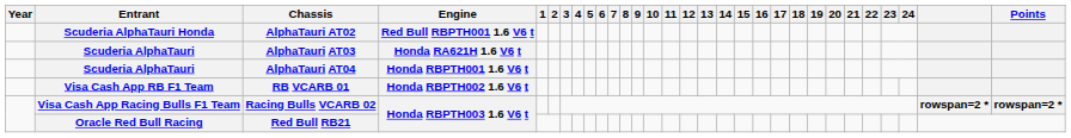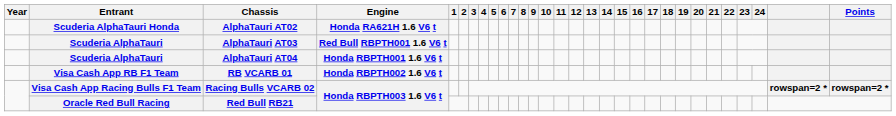 <table class="wikitable" border="1" style="text-align:center; font-size:85%;">
 <tr>
 <th>Year</th>
 <th>Entrant</th>
 <th>Chassis</th>
 <th>Engine</th>
 <th>1</th>
 <th>2</th>
 <th>3</th>
 <th>4</th>
 <th>5</th>
 <th>6</th>
 <th>7</th>
 <th>8</th>
 <th>9</th>
 <th>10</th>
 <th>11</th>
 <th>12</th>
 <th>13</th>
 <th>14</th>
 <th>15</th>
 <th>16</th>
 <th>17</th>
 <th>18</th>
 <th>19</th>
 <th>20</th>
 <th>21</th>
 <th>22</th>
 <th>23</th>
 <th>24</th>
 <th></th>
 <th><a href='#'>Points</a></th>
 </tr>
 <tr>
 <td id=2021R></td>
 <th nowrap><a href='#'>Scuderia AlphaTauri Honda</a></th>
 <th nowrap><a href='#'>AlphaTauri AT02</a></th>
-<th nowrap><a href='#'>Red Bull</a> <a href='#'>RBPTH001</a> 1.6 <a href='#'>V6</a> <a href='#'>t</a></th>
+<th nowrap><a href='#'>Honda</a> <a href='#'>RA621H</a> 1.6 <a href='#'>V6</a> <a href='#'>t</a></th>
 <td></td>
 <td></td>
 <td></td>
 <td></td>
 <td></td>
 <td></td>
 <td></td>
 <td></td>
 <td></td>
 <td></td>
 <td></td>
 <td></td>
 <td></td>
 <td></td>
 <td></td>
 <td></td>
 <td></td>
 <td></td>
 <td></td>
 <td></td>
 <td></td>
 <td></td>
 <td colspan=2></td>
 <th></th>
 <th></th>
 </tr>
 <tr>
 <td id=2022R></td>
 <th nowrap><a href='#'>Scuderia AlphaTauri</a></th>
 <th nowrap><a href='#'>AlphaTauri</a> <a href='#'>AT03</a></th>
-<th nowrap><a href='#'>Honda</a> <a href='#'>RA621H</a> 1.6 <a href='#'>V6</a> <a href='#'>t</a></th>
+<th nowrap><a href='#'>Red Bull</a> <a href='#'>RBPTH001</a> 1.6 <a href='#'>V6</a> <a href='#'>t</a></th>
 <td></td>
 <td></td>
 <td></td>
 <td></td>
 <td></td>
 <td></td>
 <td></td>
 <td></td>
 <td></td>
 <td></td>
 <td></td>
 <td></td>
 <td></td>
 <td></td>
 <td></td>
 <td></td>
 <td></td>
 <td></td>
 <td></td>
 <td></td>
 <td></td>
 <td></td>
 <td colspan=2></td>
 <th></th>
 <th></th>
 </tr>
 <tr>
 <td id=2023R></td>
 <th nowrap><a href='#'>Scuderia AlphaTauri</a></th>
 <th nowrap><a href='#'>AlphaTauri</a> <a href='#'>AT04</a></th>
 <th nowrap><a href='#'>Honda</a> <a href='#'>RBPTH001</a> 1.6 <a href='#'>V6</a> <a href='#'>t</a></th>
 <td></td>
 <td></td>
 <td></td>
 <td></td>
 <td></td>
 <td></td>
 <td></td>
 <td></td>
 <td></td>
 <td></td>
 <td></td>
 <td></td>
 <td></td>
 <td></td>
 <td></td>
 <td></td>
 <td></td>
 <td></td>
 <td></td>
 <td></td>
 <td></td>
 <td></td>
 <td colspan=2></td>
 <th></th>
 <th></th>
 </tr>
 <tr>
 <td id=2024R></td>
 <th nowrap><a href='#'>Visa Cash App RB F1 Team</a></th>
 <th nowrap><a href='#'>RB</a> <a href='#'>VCARB 01</a></th>
 <th nowrap><a href='#'>Honda</a> <a href='#'>RBPTH002</a> 1.6 <a href='#'>V6</a> <a href='#'>t</a></th>
 <td></td>
 <td></td>
 <td></td>
 <td></td>
 <td></td>
 <td></td>
 <td></td>
 <td></td>
 <td></td>
 <td></td>
 <td></td>
 <td></td>
 <td></td>
 <td></td>
 <td></td>
 <td></td>
 <td></td>
 <td></td>
 <td></td>
 <td></td>
 <td></td>
 <td></td>
 <td></td>
 <td></td>
 <th></th>
 <th></th>
 </tr>
 <tr>
 <td id=2025R rowspan=2></td>
 <th nowrap><a href='#'>Visa Cash App Racing Bulls F1 Team</a></th>
 <th nowrap><a href='#'>Racing Bulls</a> <a href='#'>VCARB 02</a></th>
 <th rowspan=2 nowrap><a href='#'>Honda</a> <a href='#'>RBPTH003</a> 1.6 <a href='#'>V6</a> <a href='#'>t</a></th>
 <td></td>
 <td></td>
 <td colspan=22></td>
 <th>rowspan=2 *</th>
 <th>rowspan=2 *</th>
 </tr>
 <tr>
 <th nowrap><a href='#'>Oracle Red Bull Racing</a></th>
 <th nowrap><a href='#'>Red Bull</a> <a href='#'>RB21</a></th>
 <td colspan=2></td>
 <td></td>
 <td></td>
 <td></td>
 <td></td>
 <td></td>
 <td></td>
 <td></td>
 <td></td>
 <td></td>
 <td></td>
 <td></td>
 <td></td>
 <td></td>
 <td></td>
 <td></td>
 <td></td>
 <td></td>
 <td></td>
 <td></td>
 <td></td>
 <td></td>
 <td></td>
 </tr>
 </table>
